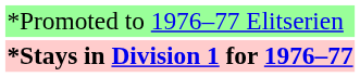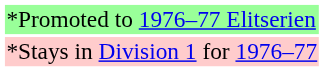 <table>
 <tr style="background: #99FF99;">
 <td>*Promoted to <a href='#'>1976–77 Elitserien</a></td>
 </tr>
 <tr style="background: #FFCCCC;">
-<td><strong>*Stays in <a href='#'>Division 1</a> for <a href='#'>1976–77</a></strong></td>
+<td>*Stays in <a href='#'>Division 1</a> for <a href='#'>1976–77</a></td>
 </tr>
 </table>
